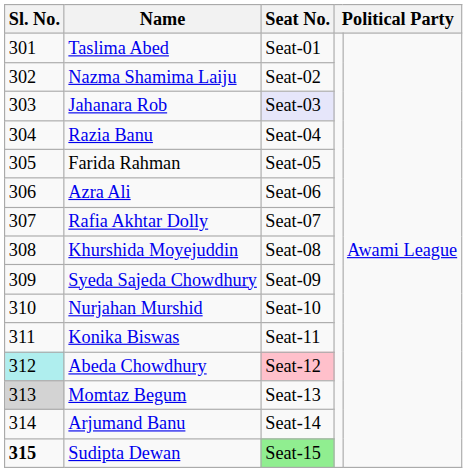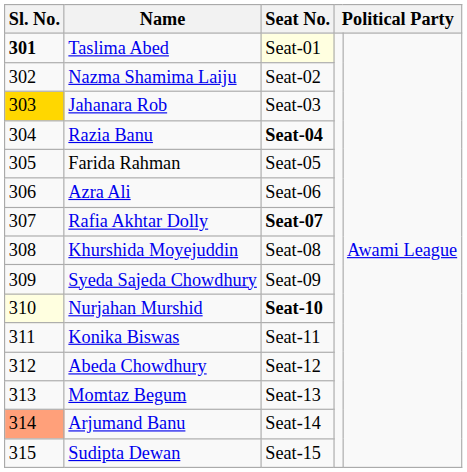 <table class="wikitable sortable">
 <tr>
 <th>Sl. No.</th>
 <th>Name</th>
 <th>Seat No.</th>
 <th colspan="2"><strong>Political Party</strong></th>
 </tr>
 <tr>
-<td>301</td>
+<td><strong>301</strong></td>
 <td><a href='#'>Taslima Abed</a></td>
-<td>Seat-01</td>
+<td style="background: lightyellow;">Seat-01</td>
 <td rowspan="15" style="background-color:"></td>
 <td rowspan="15"><a href='#'>Awami League</a></td>
 </tr>
 <tr>
 <td>302</td>
 <td><a href='#'>Nazma Shamima Laiju</a></td>
 <td>Seat-02</td>
 </tr>
 <tr>
-<td>303</td>
+<td style="background: gold;">303</td>
 <td><a href='#'>Jahanara Rob</a></td>
-<td style="background: lavender;">Seat-03</td>
+<td>Seat-03</td>
 </tr>
 <tr>
 <td>304</td>
 <td><a href='#'>Razia Banu</a></td>
-<td>Seat-04</td>
+<td><strong>Seat-04</strong></td>
 </tr>
 <tr>
 <td>305</td>
 <td>Farida Rahman </td>
 <td>Seat-05</td>
 </tr>
 <tr>
 <td>306</td>
 <td><a href='#'>Azra Ali</a></td>
 <td>Seat-06</td>
 </tr>
 <tr>
 <td>307</td>
 <td><a href='#'>Rafia Akhtar Dolly</a></td>
-<td>Seat-07</td>
+<td><strong>Seat-07</strong></td>
 </tr>
 <tr>
 <td>308</td>
 <td><a href='#'>Khurshida Moyejuddin</a></td>
 <td>Seat-08</td>
 </tr>
 <tr>
 <td>309</td>
 <td><a href='#'>Syeda Sajeda Chowdhury</a></td>
 <td>Seat-09</td>
 </tr>
 <tr>
-<td>310</td>
+<td style="background: lightyellow;">310</td>
 <td><a href='#'>Nurjahan Murshid</a></td>
-<td>Seat-10</td>
+<td><strong>Seat-10</strong></td>
 </tr>
 <tr>
 <td>311</td>
 <td><a href='#'>Konika Biswas</a></td>
 <td>Seat-11</td>
 </tr>
 <tr>
-<td style="background: paleturquoise;">312</td>
+<td>312</td>
 <td><a href='#'>Abeda Chowdhury</a></td>
-<td style="background: pink;">Seat-12</td>
+<td>Seat-12</td>
 </tr>
 <tr>
-<td style="background: lightgrey;">313</td>
+<td>313</td>
 <td><a href='#'>Momtaz Begum</a></td>
 <td>Seat-13</td>
 </tr>
 <tr>
-<td>314</td>
+<td style="background: lightsalmon;">314</td>
 <td><a href='#'>Arjumand Banu</a></td>
 <td>Seat-14</td>
 </tr>
 <tr>
-<td><strong>315</strong></td>
+<td>315</td>
 <td><a href='#'>Sudipta Dewan</a></td>
-<td style="background: lightgreen;">Seat-15</td>
+<td>Seat-15</td>
 </tr>
 </table>
